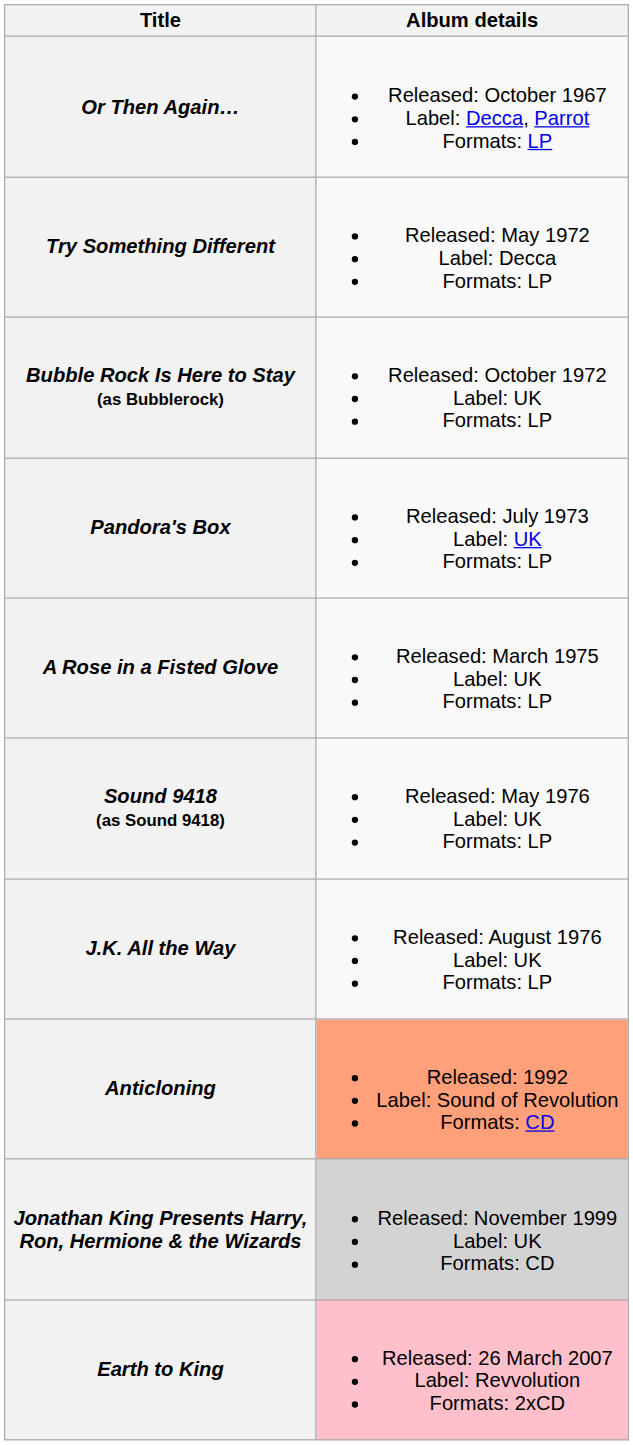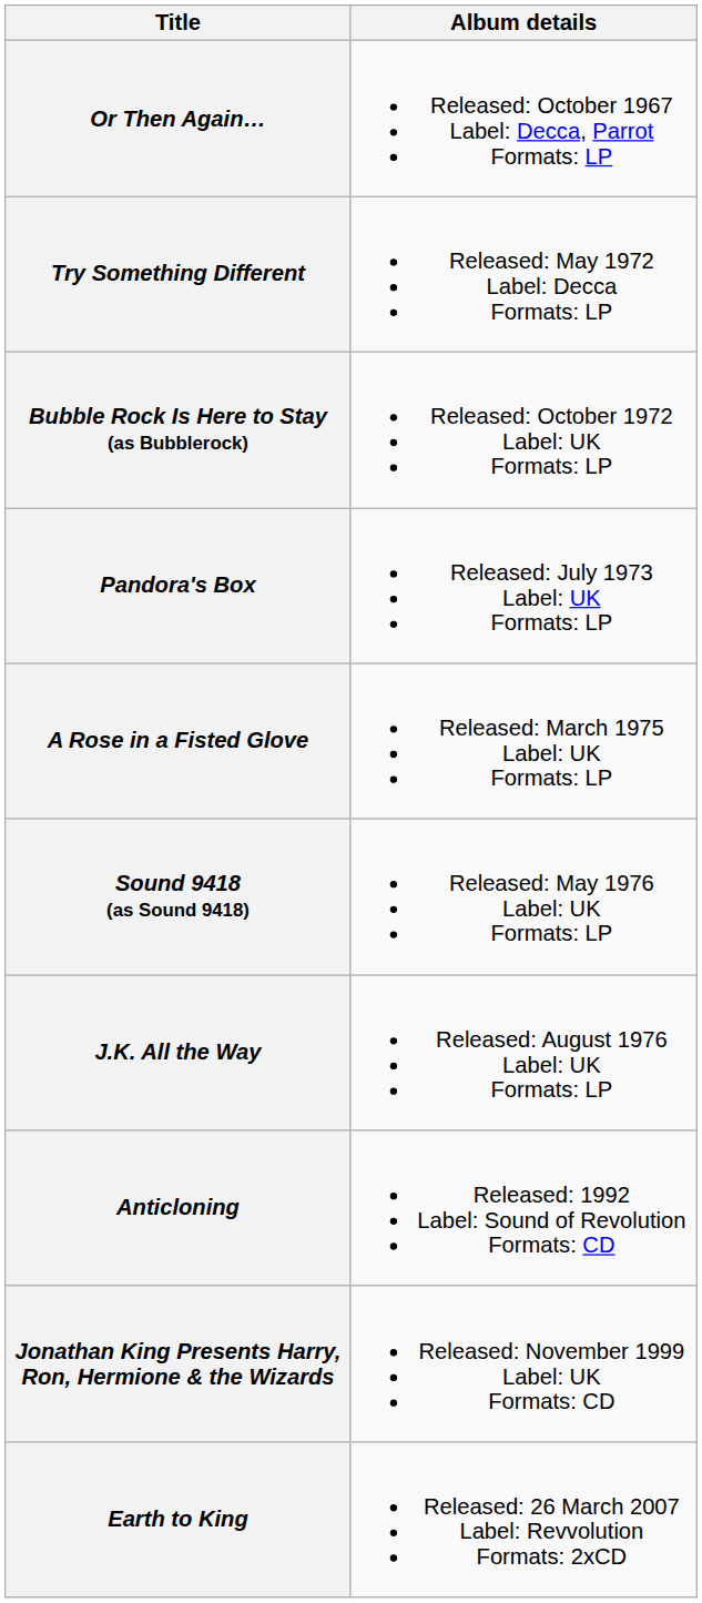 <table class="wikitable plainrowheaders" style="text-align:center;">
 <tr>
 <th scope="col" style="width:15em;">Title</th>
 <th scope="col" style="width:15em;">Album details</th>
 </tr>
 <tr>
 <th scope="row"><em>Or Then Again…</em></th>
 <td><br><ul><li>Released: October 1967</li><li>Label: <a href='#'>Decca</a>, <a href='#'>Parrot</a></li><li>Formats: <a href='#'>LP</a></li></ul></td>
 </tr>
 <tr>
 <th scope="row"><em>Try Something Different</em></th>
 <td><br><ul><li>Released: May 1972</li><li>Label: Decca</li><li>Formats: LP</li></ul></td>
 </tr>
 <tr>
 <th scope="row"><em>Bubble Rock Is Here to Stay</em><br><small>(as Bubblerock)</small></th>
 <td><br><ul><li>Released: October 1972</li><li>Label: UK</li><li>Formats: LP</li></ul></td>
 </tr>
 <tr>
 <th scope="row"><em>Pandora's Box</em></th>
 <td><br><ul><li>Released: July 1973</li><li>Label: <a href='#'>UK</a></li><li>Formats: LP</li></ul></td>
 </tr>
 <tr>
 <th scope="row"><em>A Rose in a Fisted Glove</em></th>
 <td><br><ul><li>Released: March 1975</li><li>Label: UK</li><li>Formats: LP</li></ul></td>
 </tr>
 <tr>
 <th scope="row"><em>Sound 9418</em><br><small>(as Sound 9418)</small></th>
 <td><br><ul><li>Released: May 1976</li><li>Label: UK</li><li>Formats: LP</li></ul></td>
 </tr>
 <tr>
 <th scope="row"><em>J.K. All the Way</em></th>
 <td><br><ul><li>Released: August 1976</li><li>Label: UK</li><li>Formats: LP</li></ul></td>
 </tr>
 <tr>
 <th scope="row"><em>Anticloning</em></th>
-<td style="background: lightsalmon;"><br><ul><li>Released: 1992</li><li>Label: Sound of Revolution</li><li>Formats: <a href='#'>CD</a></li></ul></td>
+<td><br><ul><li>Released: 1992</li><li>Label: Sound of Revolution</li><li>Formats: <a href='#'>CD</a></li></ul></td>
 </tr>
 <tr>
 <th scope="row"><em>Jonathan King Presents Harry, Ron, Hermione & the Wizards</em></th>
-<td style="background: lightgrey;"><br><ul><li>Released: November 1999</li><li>Label: UK</li><li>Formats: CD</li></ul></td>
+<td><br><ul><li>Released: November 1999</li><li>Label: UK</li><li>Formats: CD</li></ul></td>
 </tr>
 <tr>
 <th scope="row"><em>Earth to King</em></th>
-<td style="background: pink;"><br><ul><li>Released: 26 March 2007</li><li>Label: Revvolution</li><li>Formats: 2xCD</li></ul></td>
+<td><br><ul><li>Released: 26 March 2007</li><li>Label: Revvolution</li><li>Formats: 2xCD</li></ul></td>
 </tr>
 </table>
